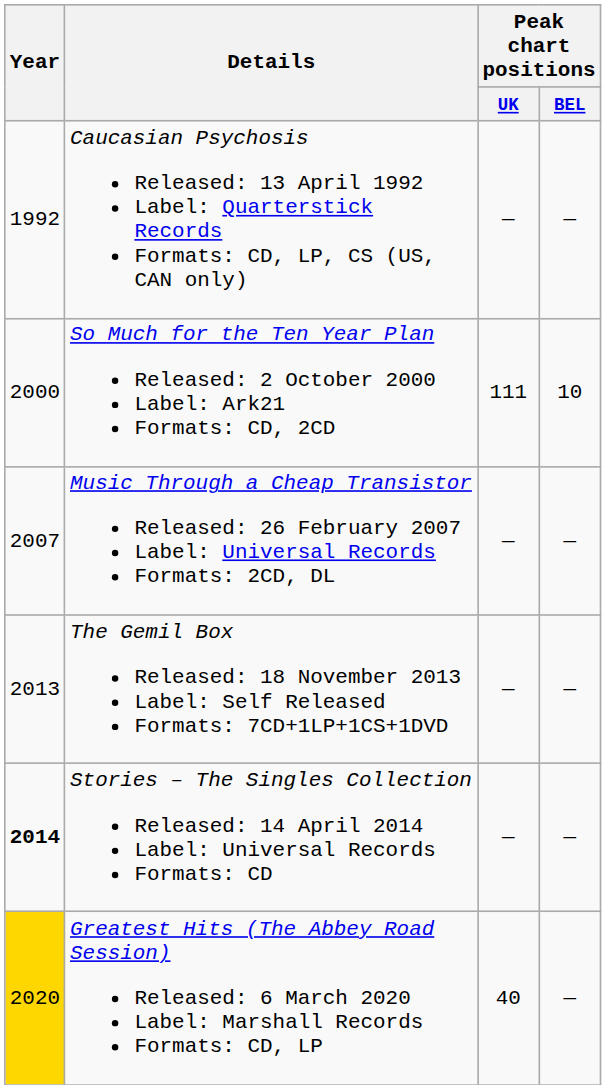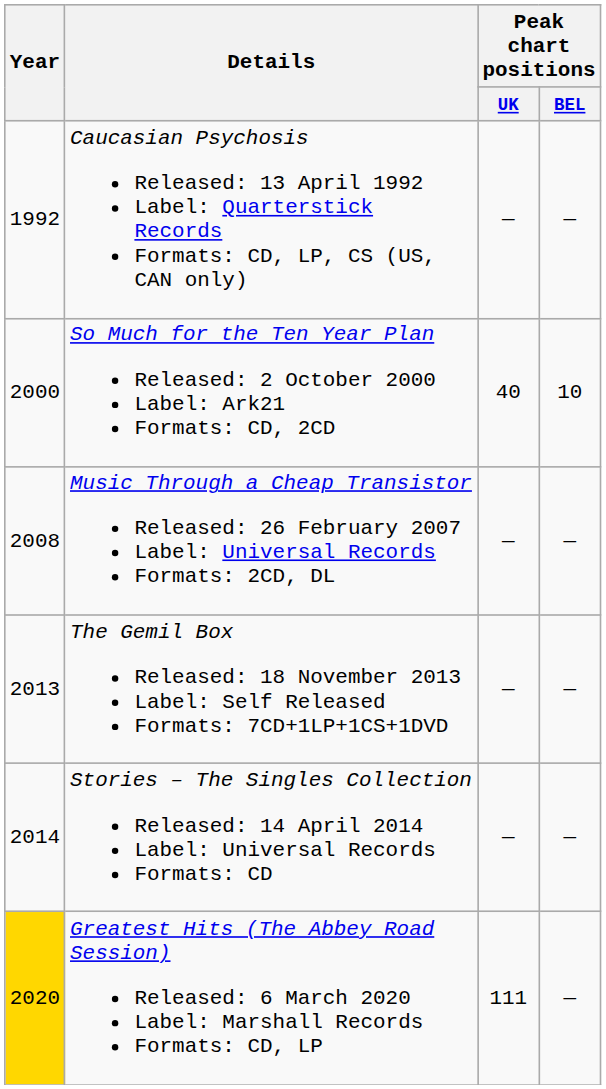 <table class="wikitable">
 <tr>
 <th rowspan="2">Year</th>
 <th rowspan="2" style="width:250px;">Details</th>
 <th colspan="2">Peak chart positions</th>
 </tr>
 <tr>
 <th width="25"><small><a href='#'>UK</a><br></small></th>
 <th width="25"><small><a href='#'>BEL</a><br></small></th>
 </tr>
 <tr>
 <td>1992</td>
 <td><em>Caucasian Psychosis</em><br><ul><li>Released: 13 April 1992</li><li>Label: <a href='#'>Quarterstick Records</a></li><li>Formats: CD, LP, CS (US, CAN only)</li></ul></td>
 <td style="text-align:center;">—</td>
 <td style="text-align:center;">—</td>
 </tr>
 <tr>
 <td>2000</td>
 <td><em><a href='#'>So Much for the Ten Year Plan</a></em><br><ul><li>Released: 2 October 2000</li><li>Label: Ark21</li><li>Formats: CD, 2CD</li></ul></td>
-<td style="text-align:center;">111</td>
+<td style="text-align:center;">40</td>
 <td style="text-align:center;">10</td>
 </tr>
 <tr>
-<td>2007</td>
+<td>2008</td>
 <td><em><a href='#'>Music Through a Cheap Transistor</a></em><br><ul><li>Released: 26 February 2007</li><li>Label: <a href='#'>Universal Records</a></li><li>Formats: 2CD, DL</li></ul></td>
 <td style="text-align:center;">—</td>
 <td style="text-align:center;">—</td>
 </tr>
 <tr>
 <td>2013</td>
 <td><em>The Gemil Box</em><br><ul><li>Released: 18 November 2013</li><li>Label: Self Released</li><li>Formats: 7CD+1LP+1CS+1DVD</li></ul></td>
 <td style="text-align:center;">—</td>
 <td style="text-align:center;">—</td>
 </tr>
 <tr>
-<td><strong>2014</strong></td>
+<td>2014</td>
 <td><em>Stories – The Singles Collection</em><br><ul><li>Released: 14 April 2014</li><li>Label: Universal Records</li><li>Formats: CD</li></ul></td>
 <td style="text-align:center;">—</td>
 <td style="text-align:center;">—</td>
 </tr>
 <tr>
 <td style="background: gold;">2020</td>
 <td><em><a href='#'>Greatest Hits (The Abbey Road Session)</a></em><br><ul><li>Released: 6 March 2020</li><li>Label: Marshall Records</li><li>Formats: CD, LP</li></ul></td>
-<td style="text-align:center;">40</td>
+<td style="text-align:center;">111</td>
 <td style="text-align:center;">—</td>
 </tr>
 </table>
